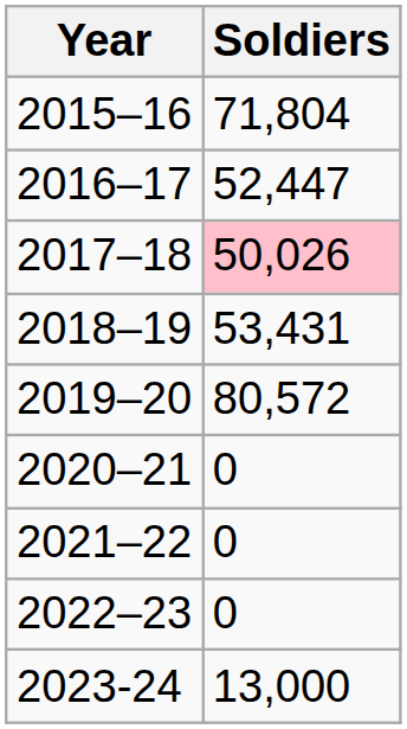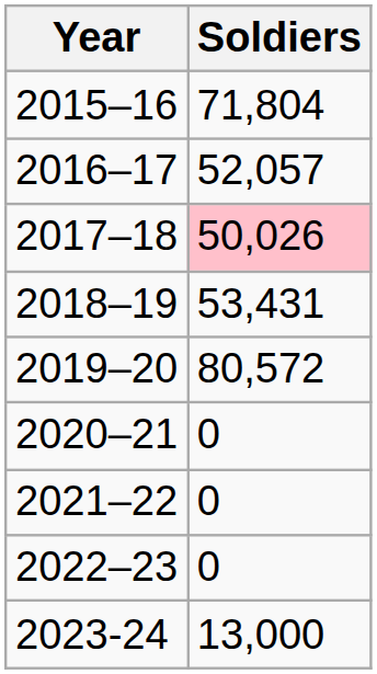 <table class="wikitable floatright sortable">
 <tr>
 <th>Year</th>
 <th>Soldiers</th>
 </tr>
 <tr>
 <td>2015–16</td>
 <td>71,804</td>
 </tr>
 <tr>
 <td>2016–17</td>
-<td>52,447</td>
+<td>52,057</td>
 </tr>
 <tr>
 <td>2017–18</td>
 <td style="background: pink;">50,026</td>
 </tr>
 <tr>
 <td>2018–19</td>
 <td>53,431</td>
 </tr>
 <tr>
 <td>2019–20</td>
 <td>80,572</td>
 </tr>
 <tr>
 <td>2020–21</td>
 <td>0</td>
 </tr>
 <tr>
 <td>2021–22</td>
 <td>0</td>
 </tr>
 <tr>
 <td>2022–23</td>
 <td>0</td>
 </tr>
 <tr>
 <td>2023-24</td>
 <td>13,000</td>
 </tr>
 </table>
